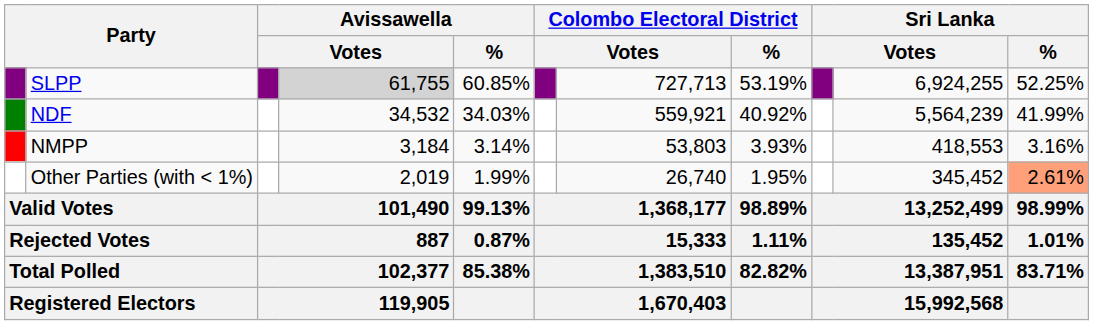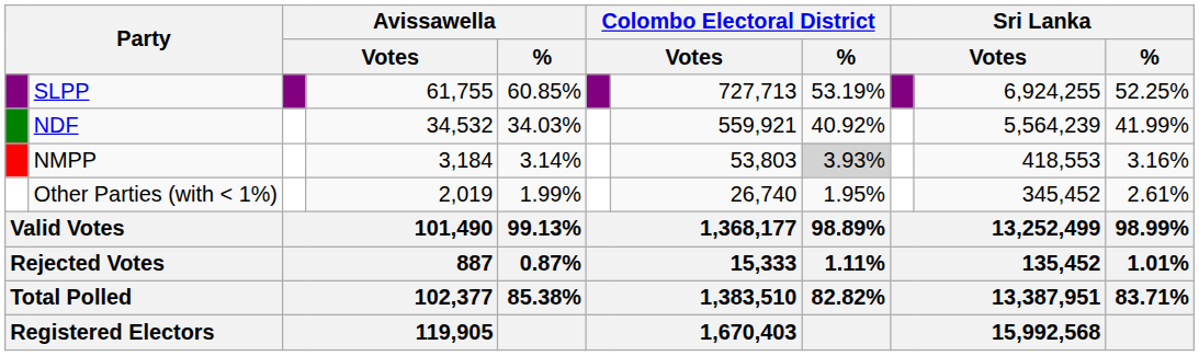 <table class="wikitable">
 <tr>
 <th colspan="2" width="144px"rowspan="2">Party</th>
 <th colspan="3" width="216px">Avissawella</th>
 <th colspan="3" width="216px"><a href='#'>Colombo Electoral District</a></th>
 <th colspan="3" width="216px">Sri Lanka</th>
 </tr>
 <tr>
 <th colspan="2" width="144px">Votes</th>
 <th>%</th>
 <th colspan="2" width="144px">Votes</th>
 <th>%</th>
 <th colspan="2" width="144px">Votes</th>
 <th>%</th>
 </tr>
 <tr>
 <td style="background-color:purple;" width="10px"></td>
 <td style="text-align:left;"><a href='#'>SLPP</a></td>
 <td style="background-color:purple;" width="10px"></td>
-<td style="background: lightgrey; text-align:right;">61,755</td>
+<td style="text-align:right;">61,755</td>
 <td style="text-align:right;">60.85%</td>
 <td style="background-color:purple;" width="10px"></td>
 <td style="text-align:right;">727,713</td>
 <td style="text-align:right;">53.19%</td>
 <td style="background-color:purple;" width="10px"></td>
 <td style="text-align:right;">6,924,255</td>
 <td style="text-align:right;">52.25%</td>
 </tr>
 <tr>
 <td style="background-color:green;" width="10px"></td>
 <td style="text-align:left;"><a href='#'>NDF</a></td>
 <td style="background-color:white;" width="10px"></td>
 <td style="text-align:right;">34,532</td>
 <td style="text-align:right;">34.03%</td>
 <td style="background-color:white;" width="10px"></td>
 <td style="text-align:right;">559,921</td>
 <td style="text-align:right;">40.92%</td>
 <td style="background-color:white;" width="10px"></td>
 <td style="text-align:right;">5,564,239</td>
 <td style="text-align:right;">41.99%</td>
 </tr>
 <tr>
 <td style="background-color:red;" width="10px"></td>
 <td style="text-align:left;">NMPP</td>
 <td style="background-color:white;" width="10px"></td>
 <td style="text-align:right;">3,184</td>
 <td style="text-align:right;">3.14%</td>
 <td style="background-color:white;" width="10px"></td>
 <td style="text-align:right;">53,803</td>
-<td style="text-align:right;">3.93%</td>
+<td style="background: lightgrey; text-align:right;">3.93%</td>
 <td style="background-color:white;" width="10px"></td>
 <td style="text-align:right;">418,553</td>
 <td style="text-align:right;">3.16%</td>
 </tr>
 <tr>
 <td style="background-color:white;" width="10px"></td>
 <td style="text-align:left;">Other Parties (with < 1%)</td>
 <td style="background-color:white;" width="10px"></td>
 <td style="text-align:right;">2,019</td>
 <td style="text-align:right;">1.99%</td>
 <td style="background-color:white;" width="10px"></td>
 <td style="text-align:right;">26,740</td>
 <td style="text-align:right;">1.95%</td>
 <td style="background-color:white;" width="10px"></td>
 <td style="text-align:right;">345,452</td>
-<td style="background: lightsalmon; text-align:right;">2.61%</td>
+<td style="text-align:right;">2.61%</td>
 </tr>
 <tr>
 <th colspan="2" width="144px"style="text-align:left;">Valid Votes</th>
 <th style="text-align:right;"colspan="2" width="144px">101,490</th>
 <th style="text-align:right;">99.13%</th>
 <th style="text-align:right;"colspan="2" width="144px">1,368,177</th>
 <th style="text-align:right;">98.89%</th>
 <th style="text-align:right;"colspan="2" width="144px">13,252,499</th>
 <th style="text-align:right;">98.99%</th>
 </tr>
 <tr>
 <th colspan="2" width="144px"style="text-align:left;">Rejected Votes</th>
 <th style="text-align:right;"colspan="2" width="144px">887</th>
 <th style="text-align:right;">0.87%</th>
 <th style="text-align:right;"colspan="2" width="144px">15,333</th>
 <th style="text-align:right;">1.11%</th>
 <th style="text-align:right;"colspan="2" width="144px">135,452</th>
 <th style="text-align:right;">1.01%</th>
 </tr>
 <tr>
 <th colspan="2" width="144px"style="text-align:left;">Total Polled</th>
 <th style="text-align:right;"colspan="2" width="144px">102,377</th>
 <th style="text-align:right;">85.38%</th>
 <th style="text-align:right;"colspan="2" width="144px">1,383,510</th>
 <th style="text-align:right;">82.82%</th>
 <th style="text-align:right;"colspan="2" width="144px">13,387,951</th>
 <th style="text-align:right;">83.71%</th>
 </tr>
 <tr>
 <th colspan="2" width="144px"style="text-align:left;">Registered Electors</th>
 <th style="text-align:right;"colspan="2" width="144px">119,905</th>
 <th></th>
 <th style="text-align:right;"colspan="2" width="144px">1,670,403</th>
 <th></th>
 <th style="text-align:right;"colspan="2" width="144px">15,992,568</th>
 <th></th>
 </tr>
 </table>
